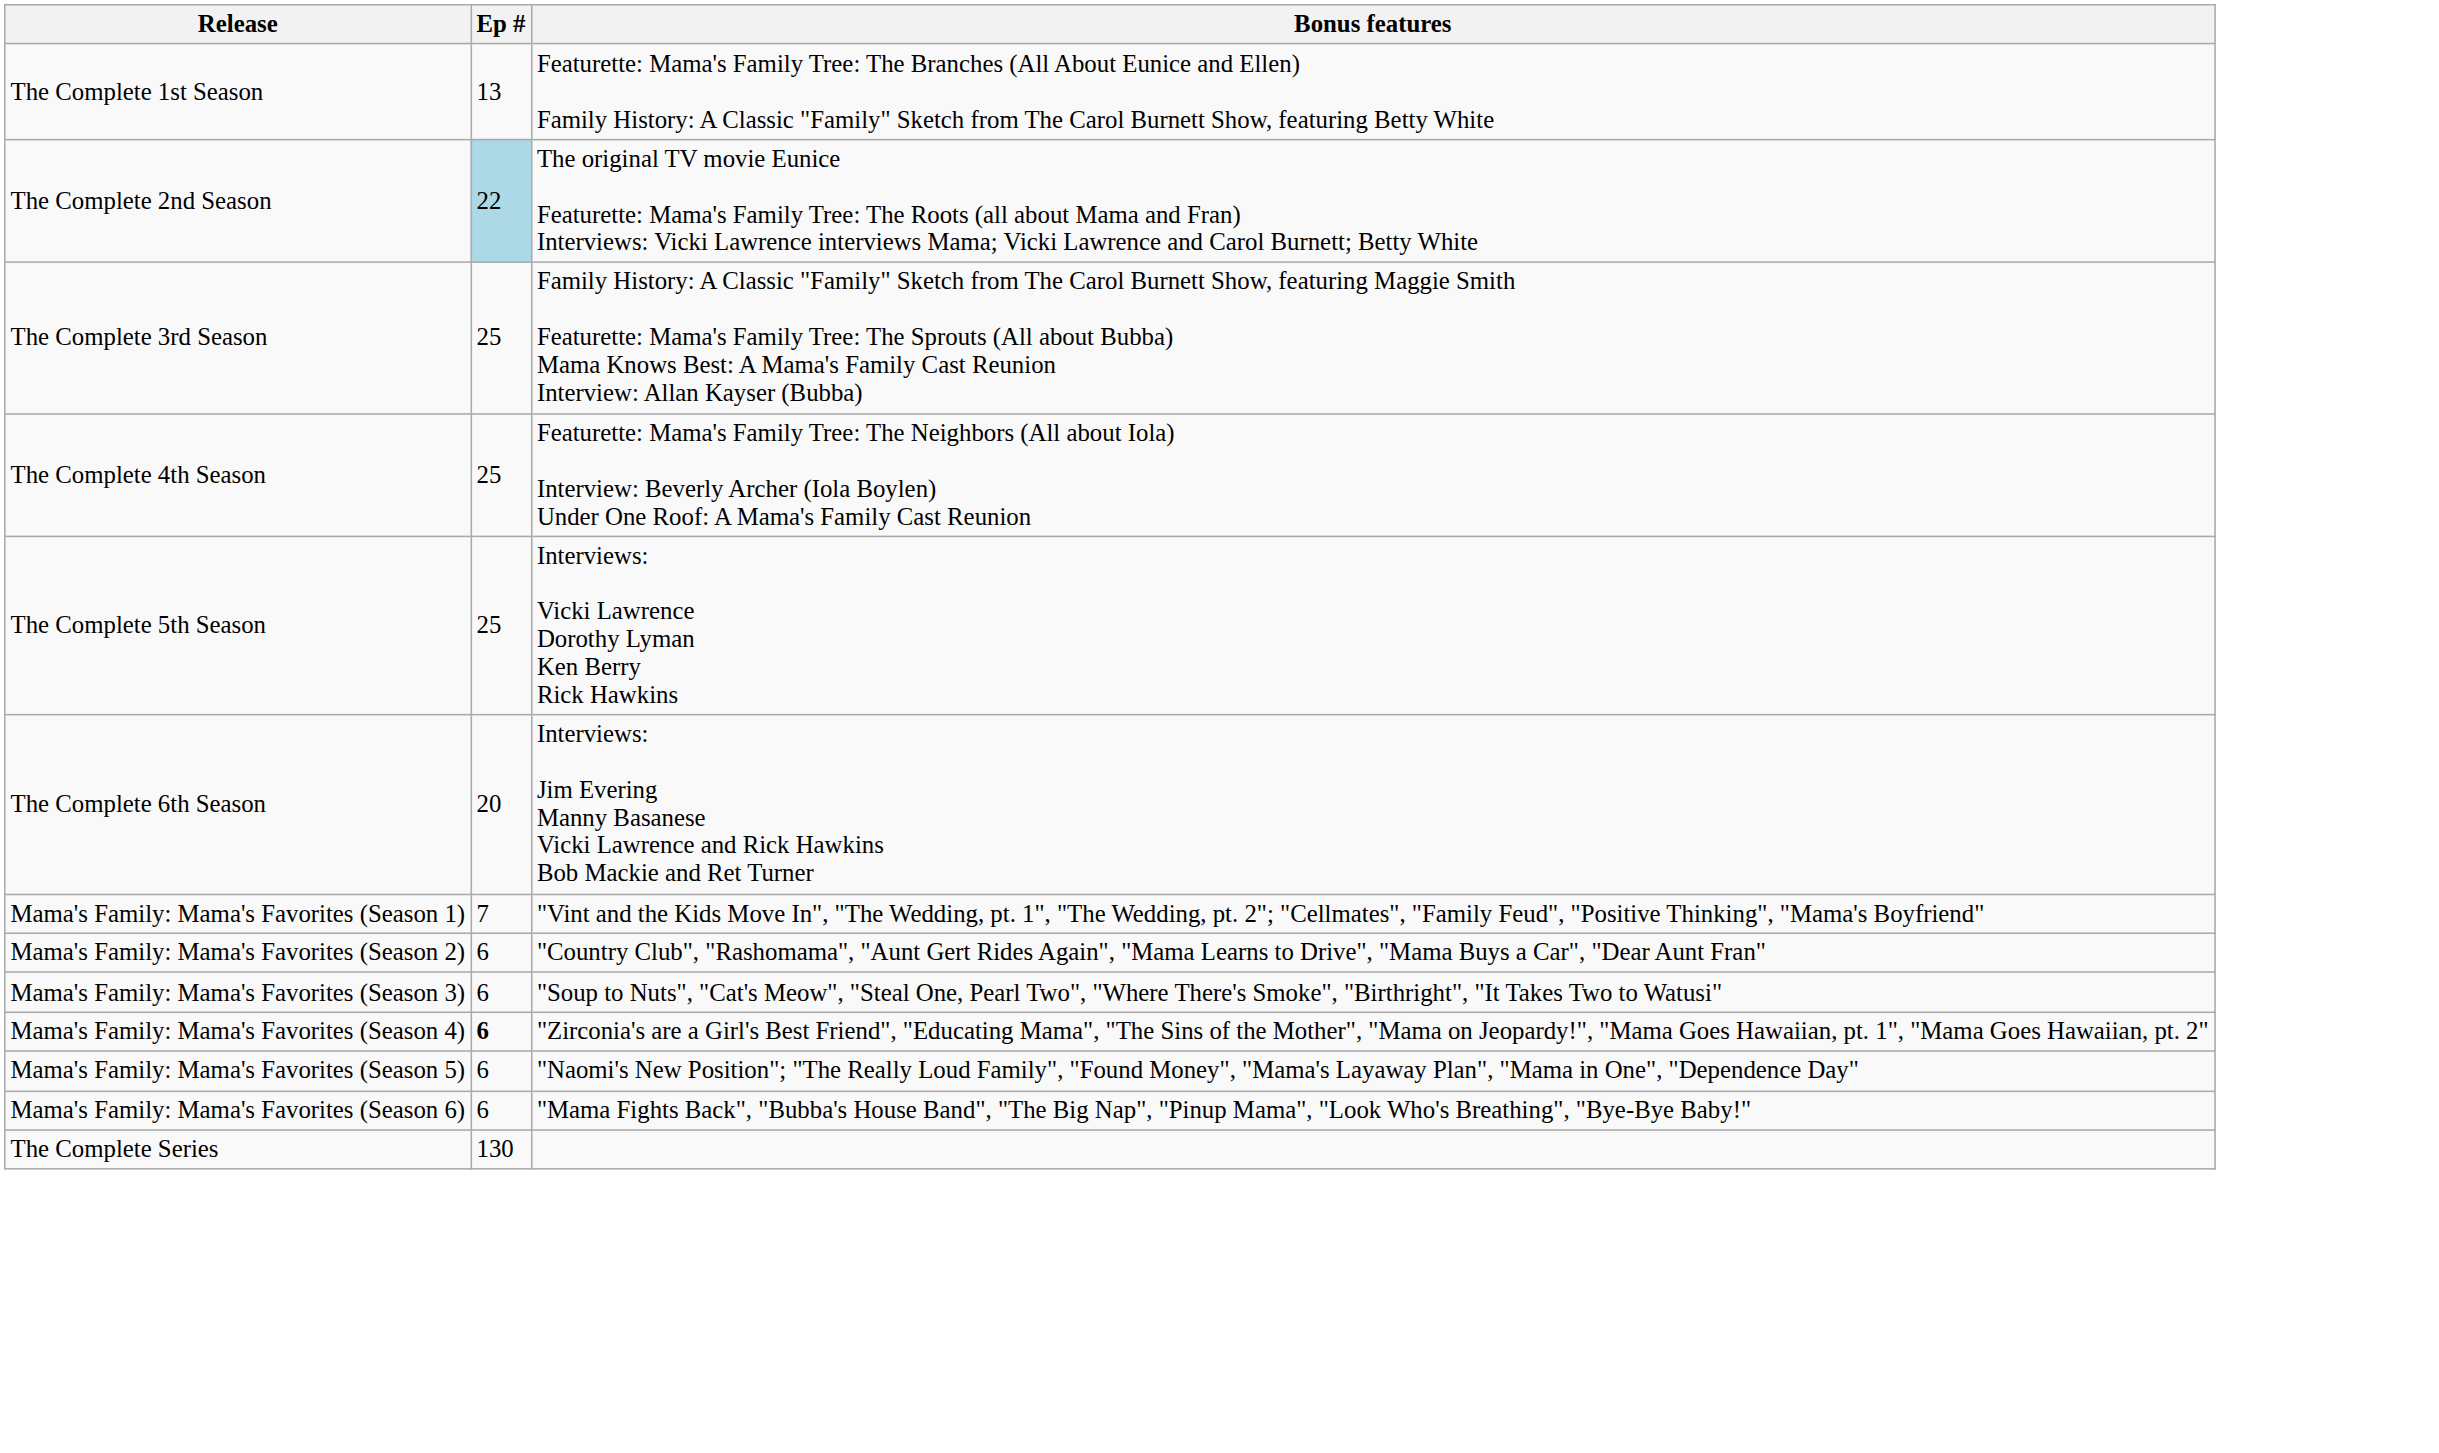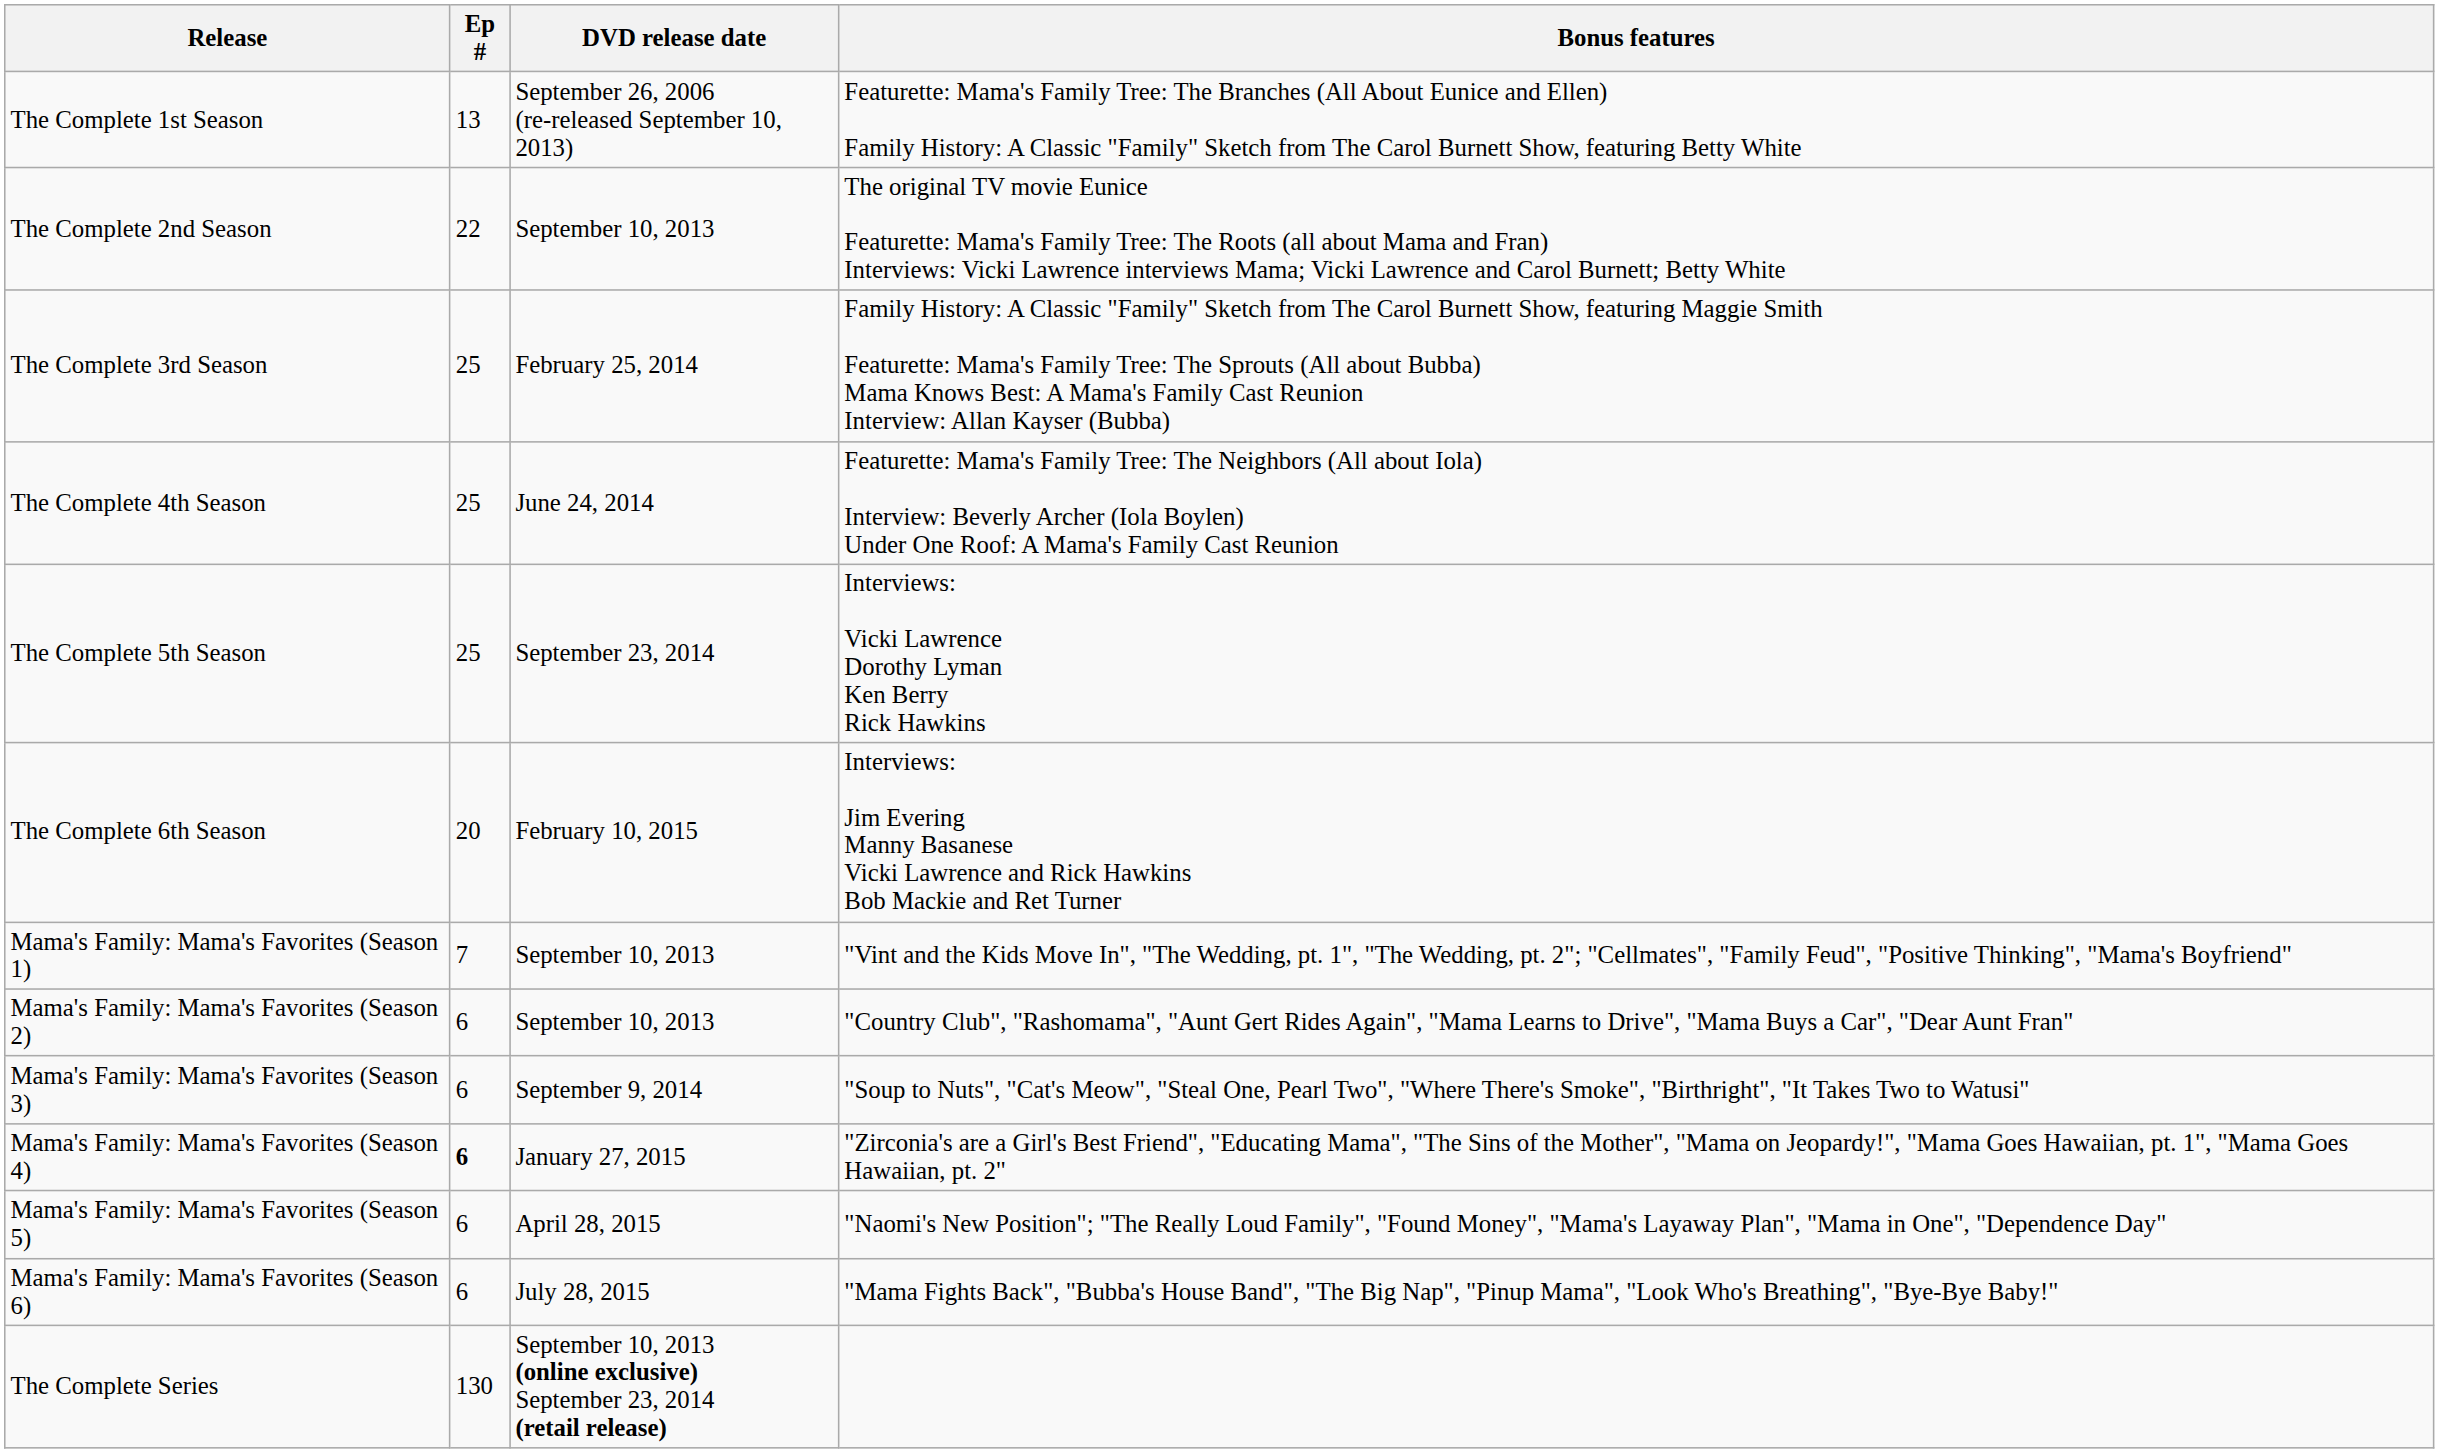 <table class="wikitable">
 <tr>
 <th>Release</th>
 <th>Ep #</th>
+<th>DVD release date</th>
 <th>Bonus features</th>
 </tr>
 <tr>
 <td>The Complete 1st Season</td>
 <td>13</td>
+<td>September 26, 2006<br>(re-released September 10, 2013)</td>
 <td>Featurette: Mama's Family Tree: The Branches (All About Eunice and Ellen)<br><br>Family History: A Classic "Family" Sketch from The Carol Burnett Show, featuring Betty White<br></td>
 </tr>
 <tr>
 <td>The Complete 2nd Season</td>
-<td style="background: lightblue;">22</td>
+<td>22</td>
+<td>September 10, 2013<br></td>
 <td>The original TV movie Eunice<br><br>Featurette: Mama's Family Tree: The Roots (all about Mama and Fran)<br> Interviews: Vicki Lawrence interviews Mama; Vicki Lawrence and Carol Burnett; Betty White<br></td>
 </tr>
 <tr>
 <td>The Complete 3rd Season</td>
 <td>25</td>
+<td>February 25, 2014<br></td>
 <td>Family History: A Classic "Family" Sketch from The Carol Burnett Show, featuring Maggie Smith<br><br>Featurette: Mama's Family Tree: The Sprouts (All about Bubba)<br>  Mama Knows Best: A Mama's Family Cast Reunion<br> Interview: Allan Kayser (Bubba)<br></td>
 </tr>
 <tr>
 <td>The Complete 4th Season</td>
 <td>25</td>
+<td>June 24, 2014<br></td>
 <td>Featurette: Mama's Family Tree: The Neighbors (All about Iola)<br><br>Interview: Beverly Archer (Iola Boylen)<br> Under One Roof: A Mama's Family Cast Reunion<br></td>
 </tr>
 <tr>
 <td>The Complete 5th Season</td>
 <td>25</td>
+<td>September 23, 2014</td>
 <td>Interviews:<br><br>Vicki Lawrence<br> Dorothy Lyman<br> Ken Berry<br> Rick Hawkins<br></td>
 </tr>
 <tr>
 <td>The Complete 6th Season</td>
 <td>20</td>
+<td>February 10, 2015</td>
 <td>Interviews:<br><br>Jim Evering<br> Manny Basanese<br> Vicki Lawrence and Rick Hawkins<br> Bob Mackie and Ret Turner</td>
 </tr>
 <tr>
 <td>Mama's Family: Mama's Favorites (Season 1)</td>
 <td>7</td>
+<td>September 10, 2013</td>
 <td>"Vint and the Kids Move In", "The Wedding, pt. 1",  "The Wedding, pt. 2"; "Cellmates", "Family Feud", "Positive Thinking", "Mama's Boyfriend"</td>
 </tr>
 <tr>
 <td>Mama's Family: Mama's Favorites (Season 2)</td>
 <td>6</td>
+<td>September 10, 2013</td>
 <td>"Country Club", "Rashomama", "Aunt Gert Rides Again", "Mama Learns to Drive", "Mama Buys a Car", "Dear Aunt Fran"</td>
 </tr>
 <tr>
 <td>Mama's Family: Mama's Favorites (Season 3)</td>
 <td>6</td>
+<td>September 9, 2014</td>
 <td>"Soup to Nuts", "Cat's Meow",  "Steal One, Pearl Two", "Where There's Smoke", "Birthright", "It Takes Two to Watusi"</td>
 </tr>
 <tr>
 <td>Mama's Family: Mama's Favorites (Season 4)</td>
 <td><strong>6</strong></td>
+<td>January 27, 2015</td>
 <td>"Zirconia's are a Girl's Best Friend", "Educating Mama", "The Sins of the Mother", "Mama on Jeopardy!", "Mama Goes Hawaiian, pt. 1", "Mama Goes Hawaiian, pt. 2"</td>
 </tr>
 <tr>
 <td>Mama's Family: Mama's Favorites (Season 5)</td>
 <td>6</td>
+<td>April 28, 2015</td>
 <td>"Naomi's New Position"; "The Really Loud Family", "Found Money", "Mama's Layaway Plan", "Mama in One", "Dependence Day"</td>
 </tr>
 <tr>
 <td>Mama's Family: Mama's Favorites (Season 6)</td>
 <td>6</td>
+<td>July 28, 2015</td>
 <td>"Mama Fights Back", "Bubba's House Band", "The Big Nap", "Pinup Mama", "Look Who's Breathing", "Bye-Bye Baby!"</td>
 </tr>
 <tr>
 <td>The Complete Series</td>
 <td>130</td>
+<td>September 10, 2013 <br> <strong>(online exclusive)</strong> <br> September 23, 2014 <strong> <br>(retail release)</strong></td>
 <td></td>
 </tr>
 </table>
